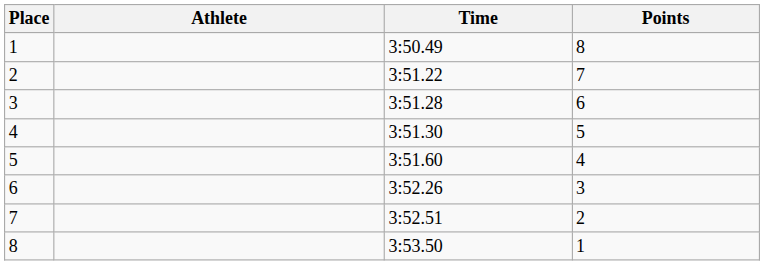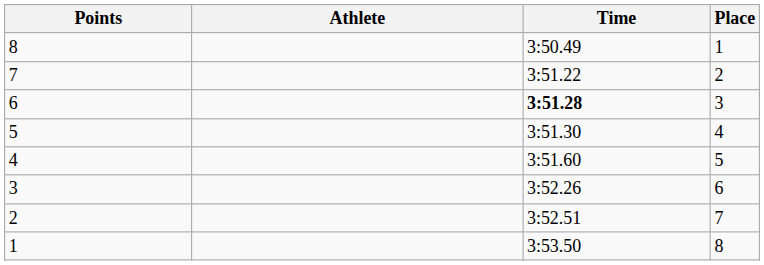 <table class=wikitable>
 <tr>
-<th>Place</th>
+<th style="width:10em">Points</th>
 <th style="width:18em">Athlete</th>
 <th style="width:10em">Time</th>
-<th style="width:10em">Points</th>
+<th>Place</th>
+</tr>
+<tr>
+<td>8</td>
+<td></td>
+<td>3:50.49 </td>
+<td>1</td>
+</tr>
+<tr>
+<td>7</td>
+<td></td>
+<td>3:51.22</td>
+<td>2</td>
+</tr>
+<tr>
+<td>6</td>
+<td></td>
+<td><strong>3:51.28 </strong></td>
+<td>3</td>
+</tr>
+<tr>
+<td>5</td>
+<td></td>
+<td>3:51.30 </td>
+<td>4</td>
+</tr>
+<tr>
+<td>4</td>
+<td></td>
+<td>3:51.60 </td>
+<td>5</td>
+</tr>
+<tr>
+<td>3</td>
+<td></td>
+<td>3:52.26</td>
+<td>6</td>
+</tr>
+<tr>
+<td>2</td>
+<td></td>
+<td>3:52.51 </td>
+<td>7</td>
 </tr>
 <tr>
 <td>1</td>
 <td></td>
-<td>3:50.49 </td>
+<td>3:53.50</td>
 <td>8</td>
 </tr>
-<tr>
-<td>2</td>
-<td></td>
-<td>3:51.22</td>
-<td>7</td>
-</tr>
-<tr>
-<td>3</td>
-<td></td>
-<td>3:51.28 </td>
-<td>6</td>
-</tr>
-<tr>
-<td>4</td>
-<td></td>
-<td>3:51.30 </td>
-<td>5</td>
-</tr>
-<tr>
-<td>5</td>
-<td></td>
-<td>3:51.60 </td>
-<td>4</td>
-</tr>
-<tr>
-<td>6</td>
-<td></td>
-<td>3:52.26</td>
-<td>3</td>
-</tr>
-<tr>
-<td>7</td>
-<td></td>
-<td>3:52.51 </td>
-<td>2</td>
-</tr>
-<tr>
-<td>8</td>
-<td></td>
-<td>3:53.50</td>
-<td>1</td>
-</tr>
 </table>
